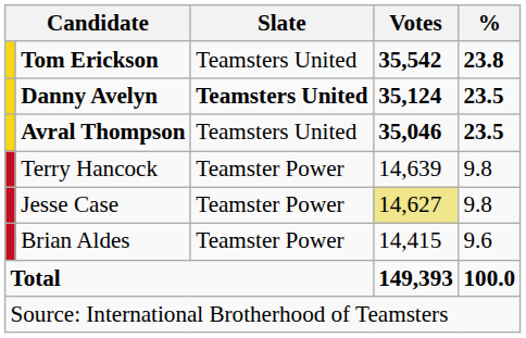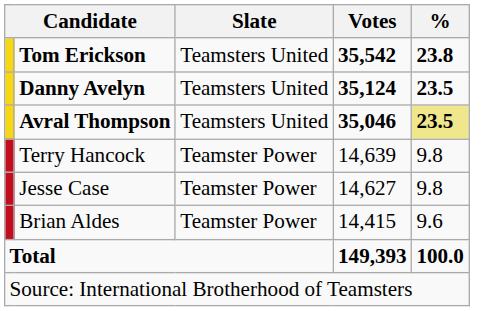 <table class="wikitable defaultright col1left col2left col3left">
 <tr>
 <th colspan=2>Candidate</th>
 <th>Slate</th>
 <th>Votes</th>
 <th>%</th>
 </tr>
 <tr>
 <td style="background: #F7D612"></td>
 <td><strong>Tom Erickson</strong></td>
 <td style="white-space: nowrap">Teamsters United</td>
 <td><strong>35,542</strong></td>
 <td><strong>23.8</strong></td>
 </tr>
 <tr>
 <td style="background: #F7D612"></td>
 <td><strong>Danny Avelyn</strong></td>
-<td><strong>Teamsters United</strong></td>
+<td>Teamsters United</td>
 <td><strong>35,124</strong></td>
 <td><strong>23.5</strong></td>
 </tr>
 <tr>
 <td style="background: #F7D612"></td>
 <td><strong>Avral Thompson</strong></td>
 <td>Teamsters United</td>
 <td><strong>35,046</strong></td>
-<td><strong>23.5</strong></td>
+<td style="background: khaki;"><strong>23.5</strong></td>
 </tr>
 <tr>
 <td style="background: #C40C1F"></td>
 <td>Terry Hancock</td>
 <td>Teamster Power</td>
 <td>14,639</td>
 <td>9.8</td>
 </tr>
 <tr>
 <td style="background: #C40C1F"></td>
 <td>Jesse Case</td>
 <td>Teamster Power</td>
-<td style="background: khaki;">14,627</td>
+<td>14,627</td>
 <td>9.8</td>
 </tr>
 <tr>
 <td style="background: #C40C1F"></td>
 <td>Brian Aldes</td>
 <td>Teamster Power</td>
 <td>14,415</td>
 <td>9.6</td>
 </tr>
 <tr style="font-weight: bold">
 <td colspan=3>Total</td>
 <td style="text-align: right">149,393</td>
 <td style="text-align: right">100.0</td>
 </tr>
 <tr>
 <td colspan=5>Source: International Brotherhood of Teamsters</td>
 </tr>
 </table>
